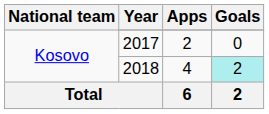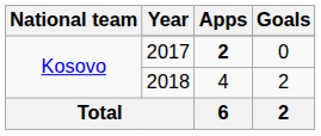 <table class="wikitable" style="text-align:center">
 <tr>
 <th>National team</th>
 <th>Year</th>
 <th>Apps</th>
 <th>Goals</th>
 </tr>
 <tr>
 <td rowspan="3"><a href='#'>Kosovo</a></td>
 </tr>
 <tr>
 <td>2017</td>
-<td>2</td>
+<td><strong>2</strong></td>
 <td>0</td>
 </tr>
 <tr>
 <td>2018</td>
 <td>4</td>
-<td style="background: paleturquoise;">2</td>
+<td>2</td>
 </tr>
 <tr>
 <th colspan="2">Total</th>
 <th>6</th>
 <th>2</th>
 </tr>
 </table>
